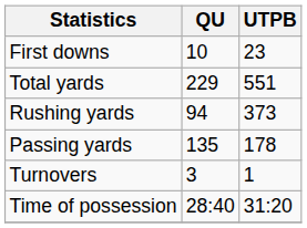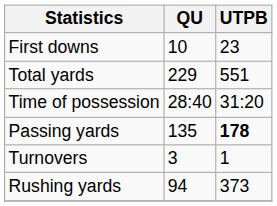 <table class="wikitable" style="float: left;">
 <tr>
 <th>Statistics</th>
 <th>QU</th>
 <th>UTPB</th>
 </tr>
 <tr>
 <td>First downs</td>
 <td>10</td>
 <td>23</td>
 </tr>
 <tr>
 <td>Total yards</td>
 <td>229</td>
 <td>551</td>
 </tr>
 <tr>
-<td>Rushing yards</td>
-<td>94</td>
-<td>373</td>
+<td>Time of possession</td>
+<td>28:40</td>
+<td>31:20</td>
 </tr>
 <tr>
 <td>Passing yards</td>
 <td>135</td>
-<td>178</td>
+<td><strong>178</strong></td>
 </tr>
 <tr>
 <td>Turnovers</td>
 <td>3</td>
 <td>1</td>
 </tr>
 <tr>
-<td>Time of possession</td>
-<td>28:40</td>
-<td>31:20</td>
+<td>Rushing yards</td>
+<td>94</td>
+<td>373</td>
 </tr>
 <tr>
 </tr>
 </table>
